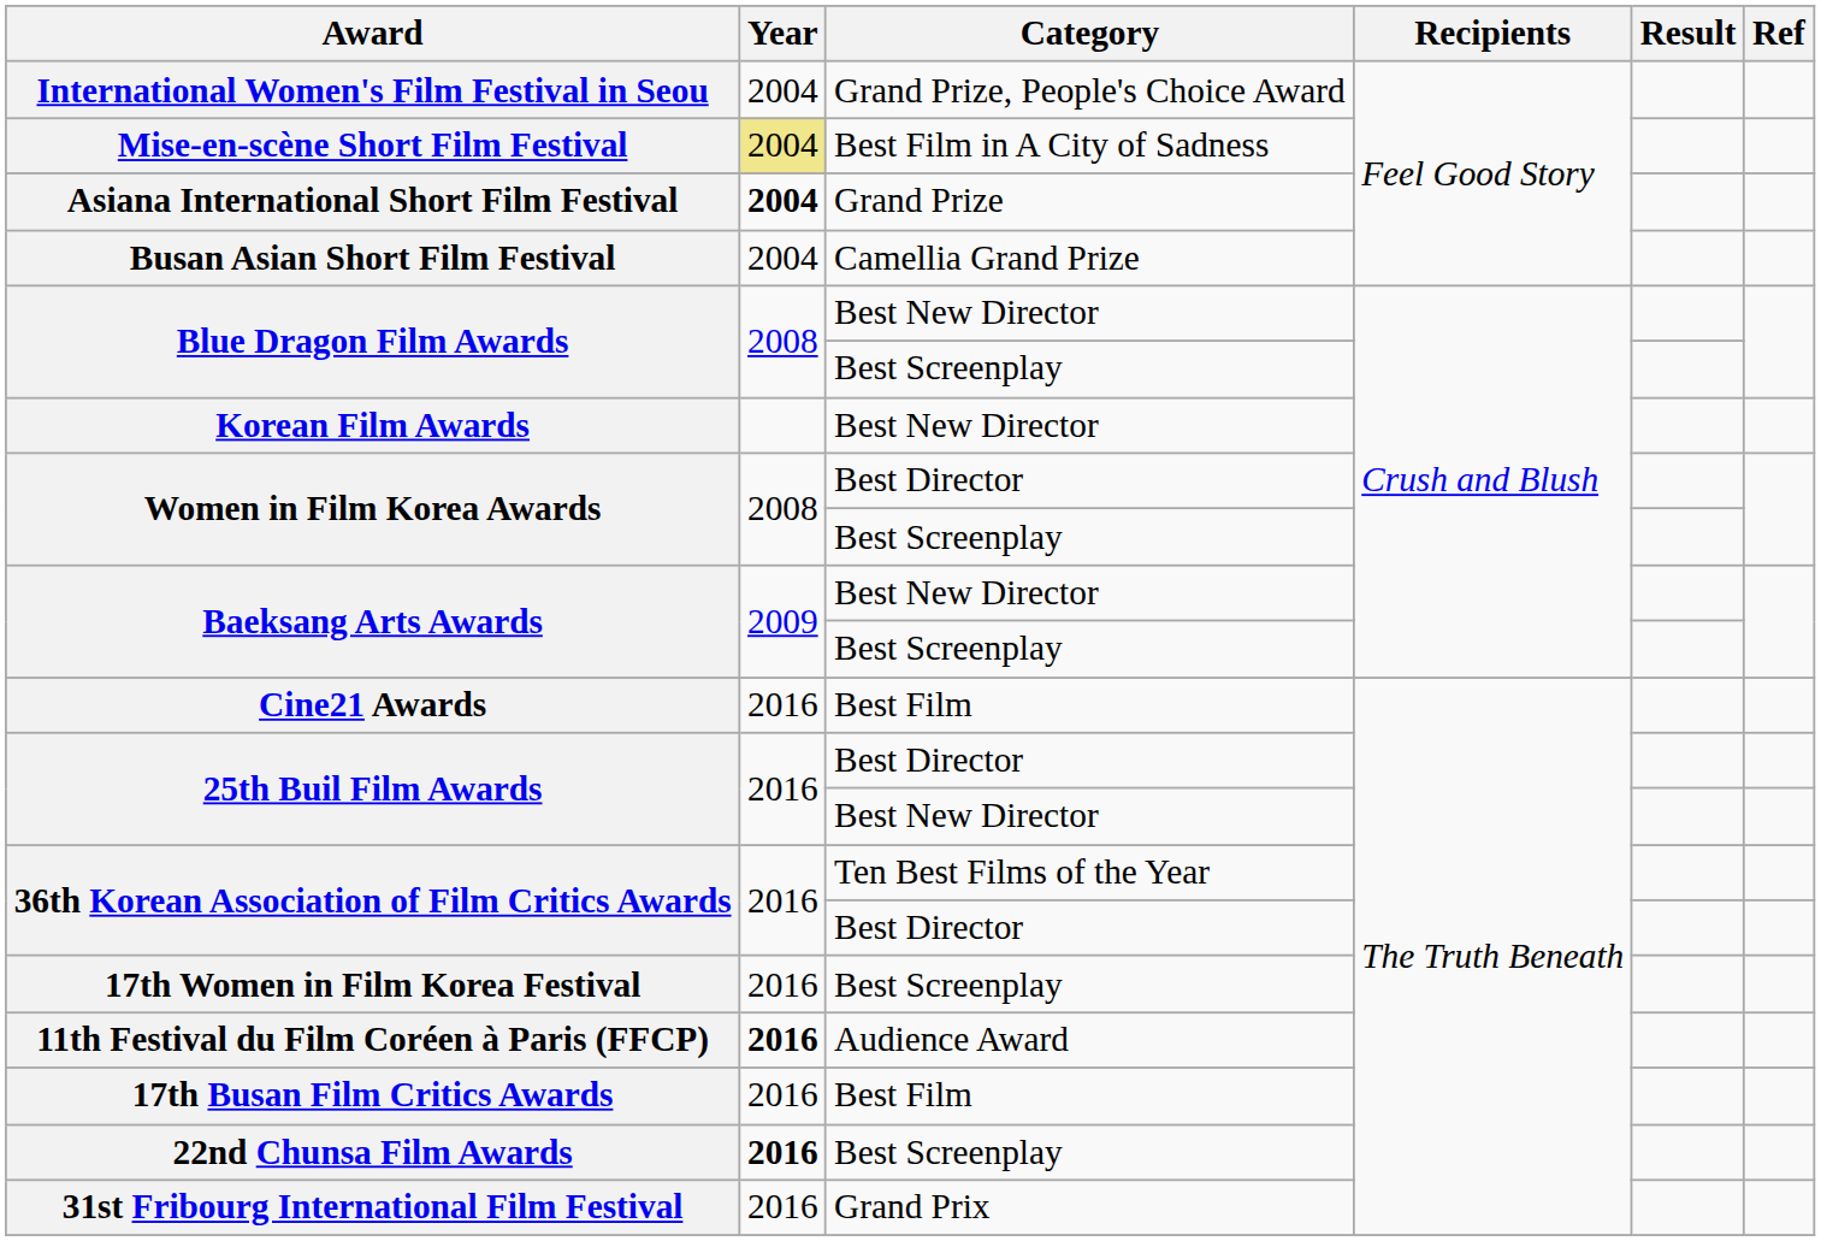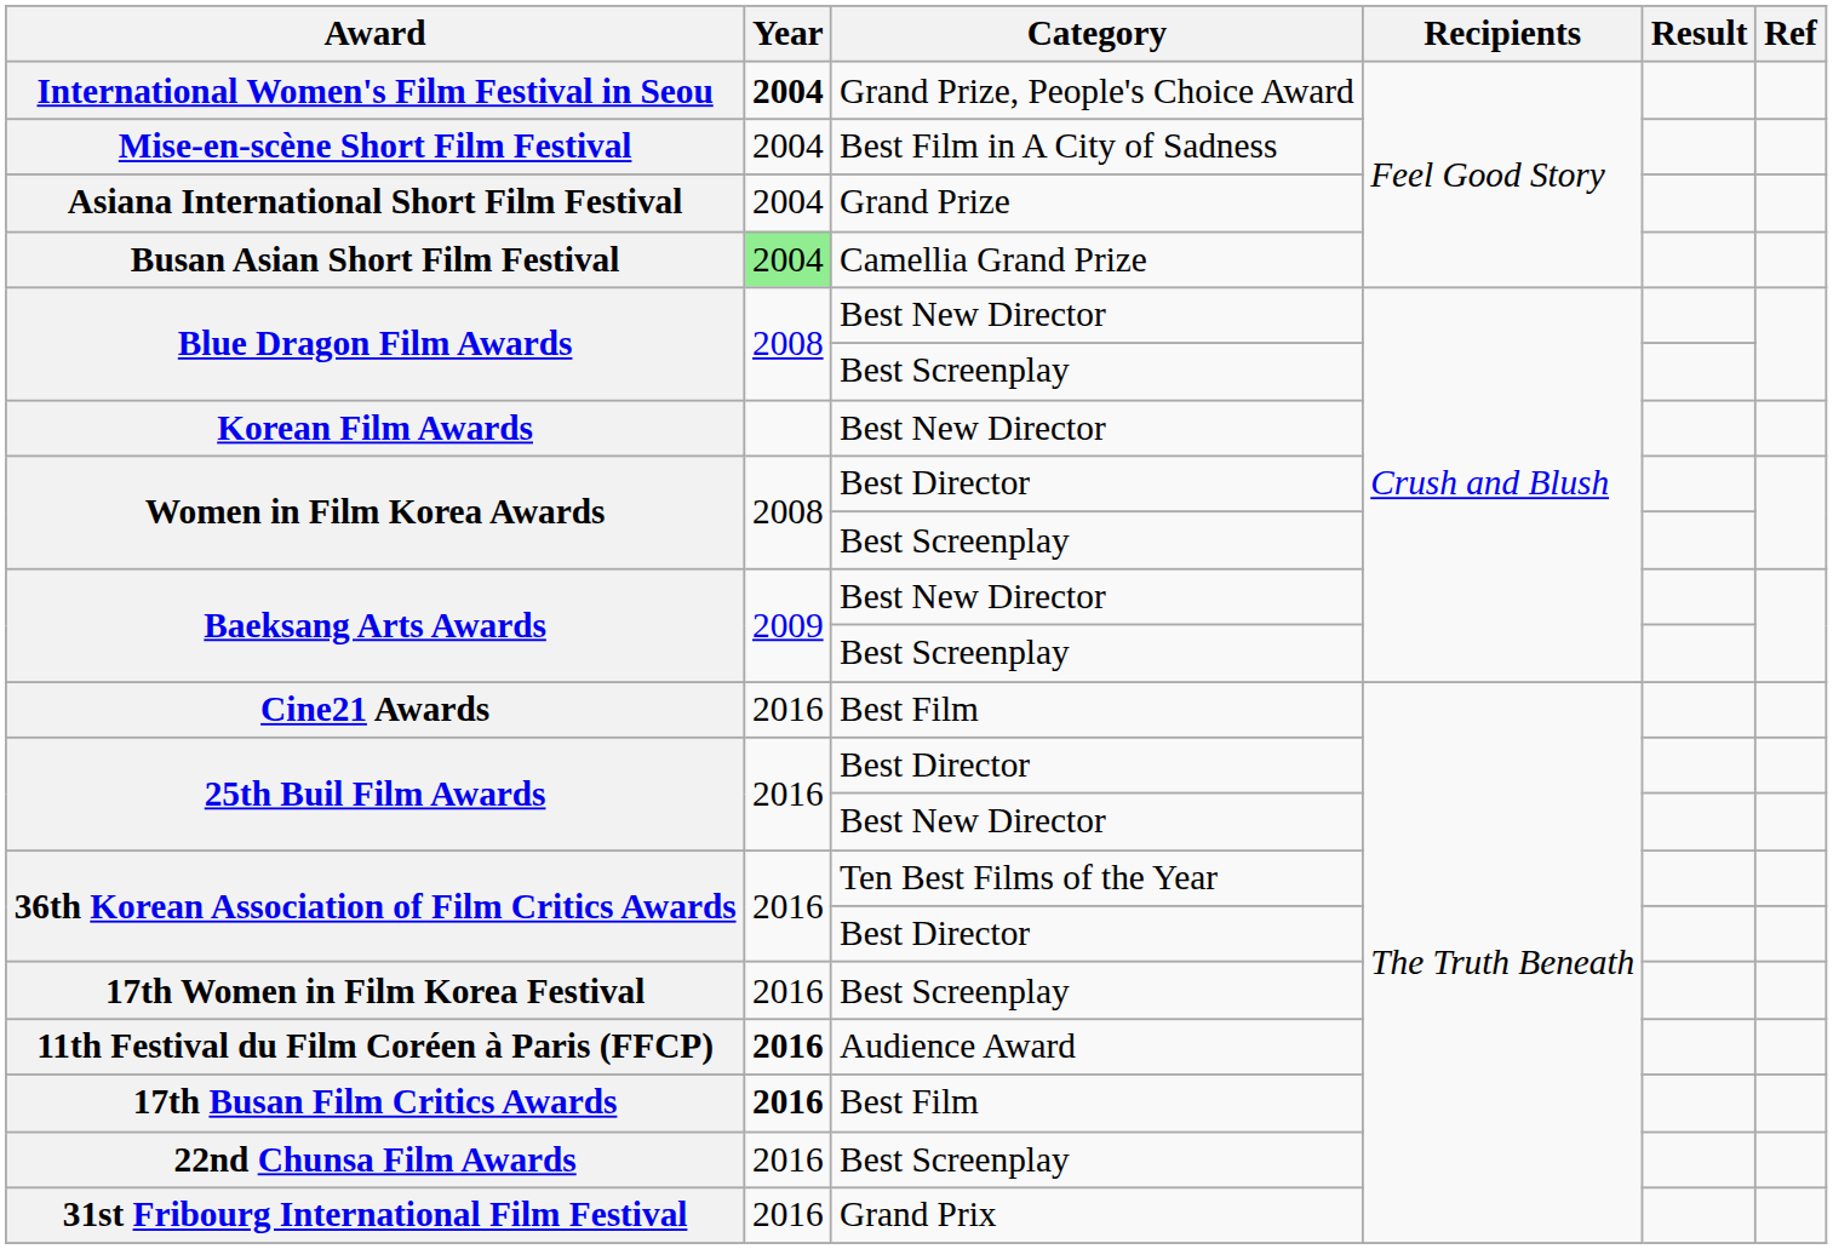 <table class="wikitable plainrowheaders sortable">
 <tr>
 <th scope="col">Award</th>
 <th scope="col">Year</th>
 <th scope="col">Category</th>
 <th scope="col">Recipients</th>
 <th scope="col">Result</th>
 <th scope="col">Ref</th>
 </tr>
 <tr>
 <th scope="row"><a href='#'>International Women's Film Festival in Seou</a></th>
-<td>2004</td>
+<td><strong>2004</strong></td>
 <td>Grand Prize, People's Choice Award</td>
 <td rowspan="4"><em>Feel Good Story</em></td>
 <td></td>
 <td></td>
 </tr>
 <tr>
 <th scope="row"><a href='#'>Mise-en-scène Short Film Festival</a></th>
-<td style="background: khaki;">2004</td>
+<td>2004</td>
 <td>Best Film in A City of Sadness</td>
 <td></td>
 <td></td>
 </tr>
 <tr>
 <th scope="row">Asiana International Short Film Festival</th>
-<td><strong>2004</strong></td>
+<td>2004</td>
 <td>Grand Prize</td>
 <td></td>
 <td></td>
 </tr>
 <tr>
 <th scope="row">Busan Asian Short Film Festival</th>
-<td>2004</td>
+<td style="background: lightgreen;">2004</td>
 <td>Camellia Grand Prize</td>
 <td></td>
 <td></td>
 </tr>
 <tr>
 <th scope="row" rowspan="2"><a href='#'>Blue Dragon Film Awards</a></th>
 <td rowspan="2"><a href='#'>2008</a></td>
 <td>Best New Director</td>
 <td rowspan="7"><em><a href='#'>Crush and Blush</a></em></td>
 <td></td>
 <td rowspan="2"></td>
 </tr>
 <tr>
 <td>Best Screenplay</td>
 <td></td>
 </tr>
 <tr>
 <th scope="row"><a href='#'>Korean Film Awards</a></th>
 <td></td>
 <td>Best New Director</td>
 <td></td>
 <td></td>
 </tr>
 <tr>
 <th scope="row" rowspan="2">Women in Film Korea Awards</th>
 <td rowspan="2">2008</td>
 <td>Best Director</td>
 <td></td>
 <td rowspan="2"></td>
 </tr>
 <tr>
 <td>Best Screenplay</td>
 <td></td>
 </tr>
 <tr>
 <th scope="row" rowspan="2"><a href='#'>Baeksang Arts Awards</a></th>
 <td rowspan="2"><a href='#'>2009</a></td>
 <td>Best New Director</td>
 <td></td>
 <td rowspan="2"></td>
 </tr>
 <tr>
 <td>Best Screenplay</td>
 <td></td>
 </tr>
 <tr>
 <th scope="row"><a href='#'>Cine21</a> Awards</th>
 <td>2016</td>
 <td>Best Film</td>
 <td rowspan="10"><em>The Truth Beneath</em></td>
 <td></td>
 <td></td>
 </tr>
 <tr>
 <th scope="row" rowspan="2"><a href='#'>25th Buil Film Awards</a></th>
 <td rowspan="2">2016</td>
 <td>Best Director</td>
 <td></td>
 <td></td>
 </tr>
 <tr>
 <td>Best New Director</td>
 <td></td>
 <td></td>
 </tr>
 <tr>
 <th rowspan="2" scope="row">36th <a href='#'>Korean Association of Film Critics Awards</a></th>
 <td rowspan="2">2016</td>
 <td>Ten Best Films of the Year</td>
 <td></td>
 <td></td>
 </tr>
 <tr>
 <td>Best Director</td>
 <td></td>
 <td></td>
 </tr>
 <tr>
 <th scope="row">17th Women in Film Korea Festival</th>
 <td>2016</td>
 <td>Best Screenplay</td>
 <td></td>
 <td></td>
 </tr>
 <tr>
 <th scope="row">11th Festival du Film Coréen à Paris (FFCP)</th>
 <td><strong>2016</strong></td>
 <td>Audience Award</td>
 <td></td>
 <td></td>
 </tr>
 <tr>
 <th scope="row">17th <a href='#'>Busan Film Critics Awards</a></th>
-<td>2016</td>
+<td><strong>2016</strong></td>
 <td>Best Film</td>
 <td></td>
 <td></td>
 </tr>
 <tr>
 <th scope="row">22nd <a href='#'>Chunsa Film Awards</a></th>
-<td><strong>2016</strong></td>
+<td>2016</td>
 <td>Best Screenplay</td>
 <td></td>
 <td></td>
 </tr>
 <tr>
 <th scope="row">31st <a href='#'>Fribourg International Film Festival</a></th>
 <td>2016</td>
 <td>Grand Prix</td>
 <td></td>
 <td></td>
 </tr>
 </table>
